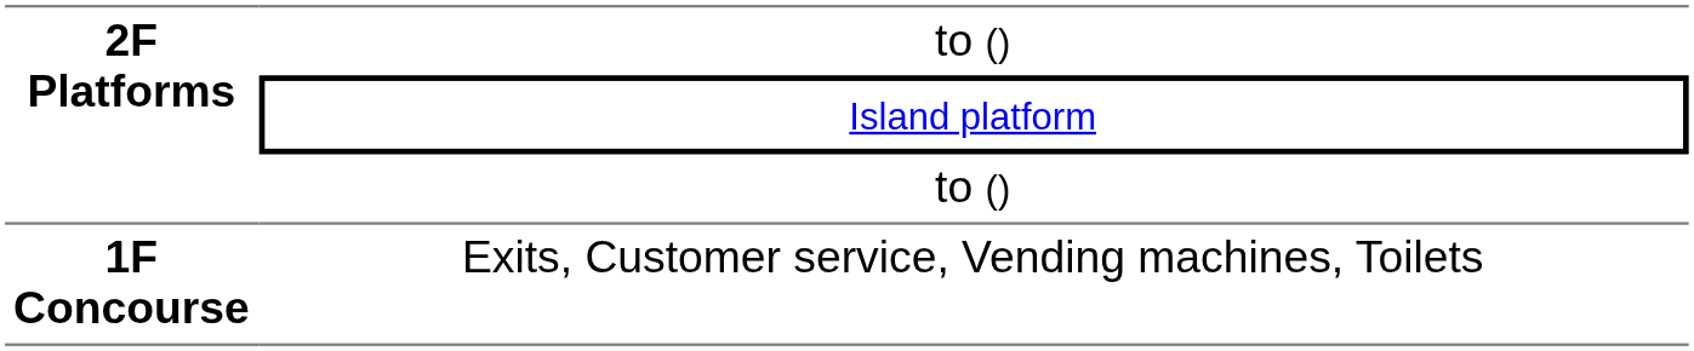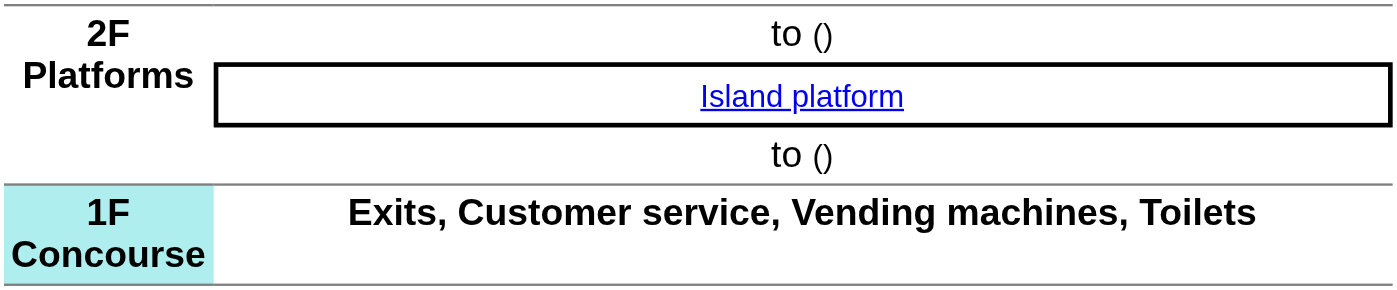 <table table border=0 cellspacing=0 cellpadding=3>
 <tr>
 <td style="border-bottom:solid 0px gray; border-top:solid 1px gray;text-align:center" rowspan="3" valign=top><strong>2F<br>Platforms</strong></td>
 <td style="border-bottom:solid 0px gray; border-top:solid 1px gray;text-align:center;">  to  <small>()</small></td>
 </tr>
 <tr>
 <td style="border-right:solid 2px black;border-left:solid 2px black;border-top:solid 2px black;border-bottom:solid 2px black;text-align:center;" colspan=2><small><a href='#'>Island platform</a></small></td>
 </tr>
 <tr>
 <td style="border-bottom:solid 0px gray;text-align:center;"> to  <small>() </small></td>
 </tr>
 <tr>
-<td style="border-bottom:solid 1px gray; border-top:solid 1px gray;text-align:center" valign=top><strong>1F<br>Concourse</strong></td>
-<td style="border-bottom:solid 1px gray; border-top:solid 1px gray;text-align:center;" valign=top width=500>Exits, Customer service, Vending machines, Toilets</td>
+<td style="background: paleturquoise; border-bottom:solid 1px gray; border-top:solid 1px gray;text-align:center" valign=top><strong>1F<br>Concourse</strong></td>
+<td style="border-bottom:solid 1px gray; border-top:solid 1px gray;text-align:center;" valign=top width=500><strong>Exits, Customer service, Vending machines, Toilets</strong></td>
 </tr>
 </table>
